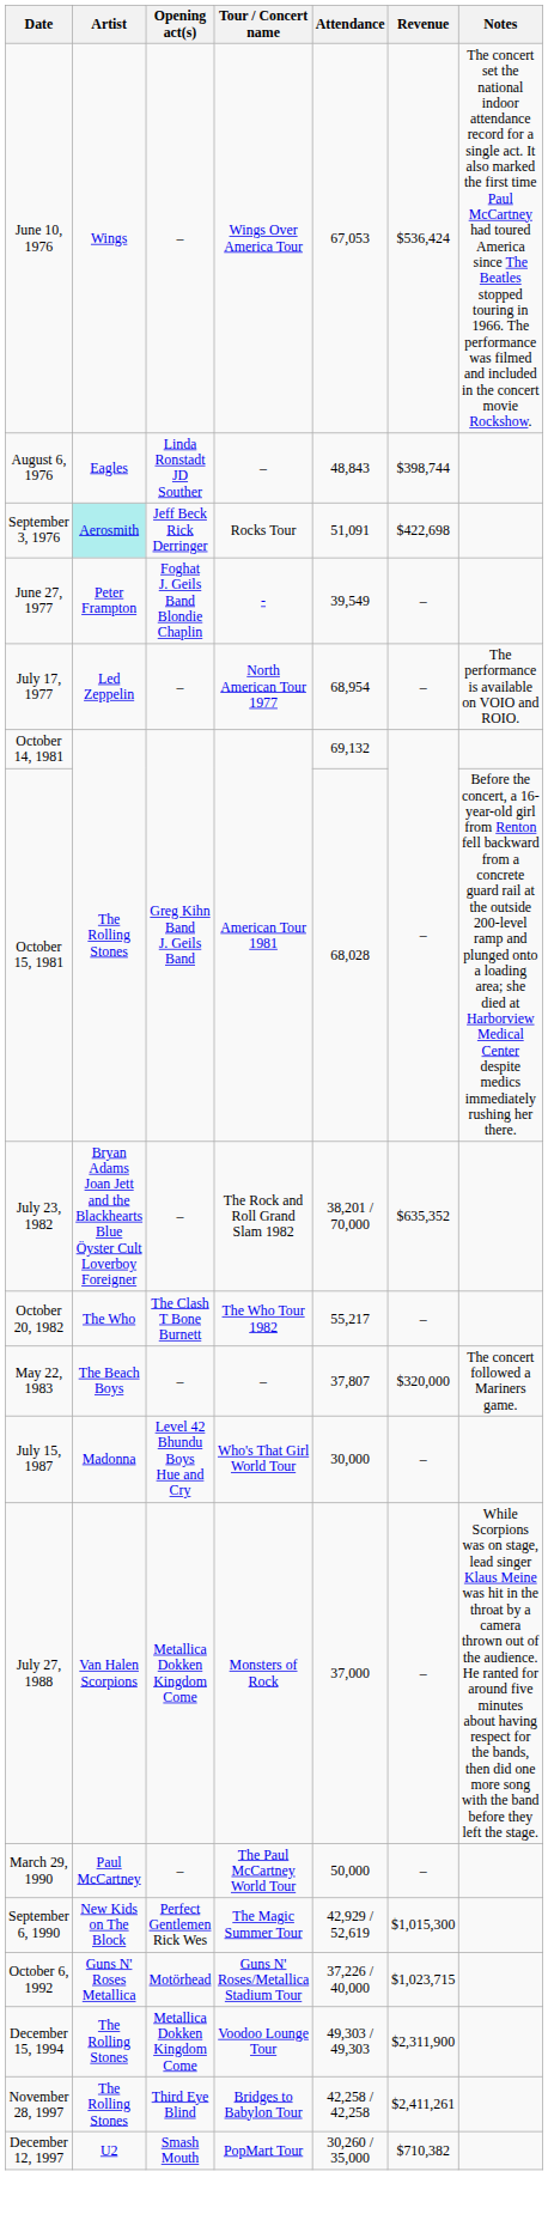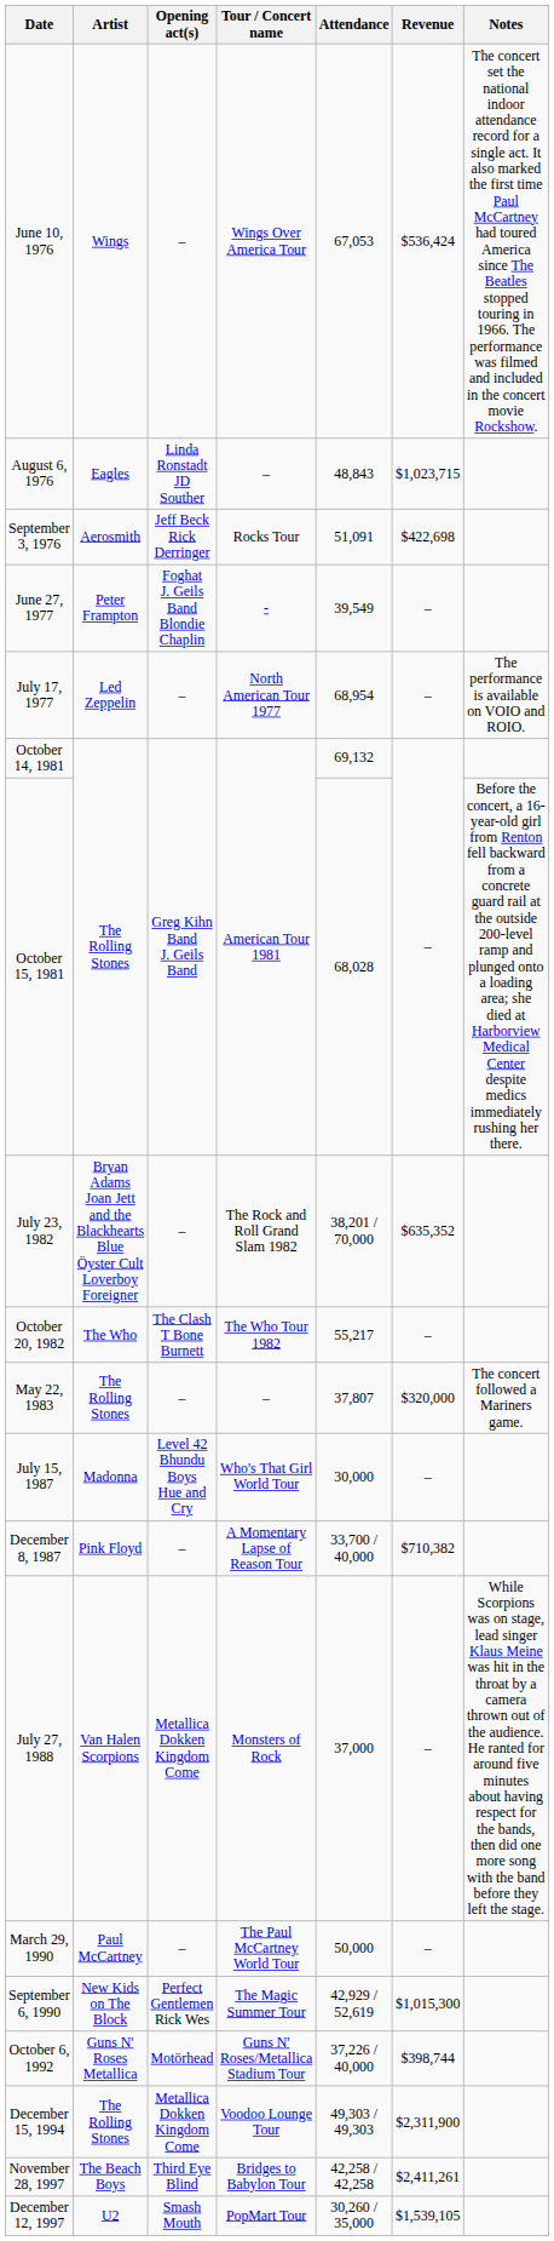 <table class="wikitable" style="text-align:center;">
 <tr>
 <th width=12% style="text-align:center;">Date</th>
 <th width=10% style="text-align:center;">Artist</th>
 <th width=10% style="text-align:center;">Opening act(s)</th>
 <th width=16% style="text-align:center;">Tour / Concert name</th>
 <th width=10% style="text-align:center;">Attendance</th>
 <th width=10% style="text-align:center;">Revenue</th>
 <th width=20% style="text-align:center;">Notes</th>
 </tr>
 <tr>
 <td>June 10, 1976</td>
 <td><a href='#'>Wings</a></td>
 <td>–</td>
 <td><a href='#'>Wings Over America Tour</a></td>
 <td>67,053</td>
 <td>$536,424</td>
 <td>The concert set the national indoor attendance record for a single act. It also marked the first time <a href='#'>Paul McCartney</a> had toured America since <a href='#'>The Beatles</a> stopped touring in 1966. The performance was filmed and included in the concert movie <a href='#'>Rockshow</a>.</td>
 </tr>
 <tr>
 <td>August 6, 1976</td>
 <td><a href='#'>Eagles</a></td>
 <td><a href='#'>Linda Ronstadt</a><br><a href='#'>JD Souther</a></td>
 <td>–</td>
 <td>48,843</td>
-<td>$398,744</td>
+<td>$1,023,715</td>
 <td></td>
 </tr>
 <tr>
 <td>September 3, 1976</td>
-<td style="background: paleturquoise;"><a href='#'>Aerosmith</a></td>
+<td><a href='#'>Aerosmith</a></td>
 <td><a href='#'>Jeff Beck</a><br><a href='#'>Rick Derringer</a></td>
 <td>Rocks Tour</td>
 <td>51,091</td>
 <td>$422,698</td>
 <td></td>
 </tr>
 <tr>
 <td>June 27, 1977</td>
 <td><a href='#'>Peter Frampton</a></td>
 <td><a href='#'>Foghat</a><br><a href='#'>J. Geils Band</a> <br><a href='#'>Blondie Chaplin</a></td>
 <td><a href='#'>-</a></td>
 <td>39,549</td>
 <td>–</td>
 <td></td>
 </tr>
 <tr>
 <td>July 17, 1977</td>
 <td><a href='#'>Led Zeppelin</a></td>
 <td>–</td>
 <td><a href='#'>North American Tour 1977</a></td>
 <td>68,954</td>
 <td>–</td>
 <td>The performance is available on VOIO and ROIO.</td>
 </tr>
 <tr>
 <td>October 14, 1981</td>
 <td rowspan=2><a href='#'>The Rolling Stones</a></td>
 <td rowspan=2><a href='#'>Greg Kihn Band</a><br><a href='#'>J. Geils Band</a></td>
 <td rowspan=2><a href='#'>American Tour 1981</a></td>
 <td>69,132</td>
 <td rowspan=2>–</td>
 <td></td>
 </tr>
 <tr>
 <td>October 15, 1981</td>
 <td>68,028</td>
 <td>Before the concert, a 16-year-old girl from <a href='#'>Renton</a> fell backward from a concrete guard rail at the outside 200-level ramp and plunged  onto a loading area; she died at <a href='#'>Harborview Medical Center</a> despite medics immediately rushing her there.</td>
 </tr>
 <tr>
 <td>July 23, 1982</td>
 <td><a href='#'>Bryan Adams</a><br><a href='#'>Joan Jett and the Blackhearts</a><br><a href='#'>Blue Öyster Cult</a><br><a href='#'>Loverboy</a><br><a href='#'>Foreigner</a></td>
 <td>–</td>
 <td>The Rock and Roll Grand Slam 1982</td>
 <td>38,201 / 70,000</td>
 <td>$635,352</td>
 <td></td>
 </tr>
 <tr>
 <td>October 20, 1982</td>
 <td><a href='#'>The Who</a></td>
 <td><a href='#'>The Clash</a><br><a href='#'>T Bone Burnett</a></td>
 <td><a href='#'>The Who Tour 1982</a></td>
 <td>55,217</td>
 <td>–</td>
 <td></td>
 </tr>
 <tr>
 <td>May 22, 1983</td>
-<td><a href='#'>The Beach Boys</a></td>
+<td><a href='#'>The Rolling Stones</a></td>
 <td>–</td>
 <td>–</td>
 <td>37,807</td>
 <td>$320,000</td>
 <td>The concert followed a Mariners game.</td>
 </tr>
 <tr>
 <td>July 15, 1987</td>
 <td><a href='#'>Madonna</a></td>
 <td><a href='#'>Level 42</a><br><a href='#'>Bhundu Boys</a><br><a href='#'>Hue and Cry</a></td>
 <td><a href='#'>Who's That Girl World Tour</a></td>
 <td>30,000</td>
 <td>–</td>
+<td></td>
+</tr>
+<tr>
+<td>December 8, 1987</td>
+<td><a href='#'>Pink Floyd</a></td>
+<td>–</td>
+<td><a href='#'>A Momentary Lapse of Reason Tour</a></td>
+<td>33,700 / 40,000</td>
+<td>$710,382</td>
 <td></td>
 </tr>
 <tr>
 <td>July 27, 1988</td>
 <td><a href='#'>Van Halen</a><br><a href='#'>Scorpions</a></td>
 <td><a href='#'>Metallica</a><br><a href='#'>Dokken</a><br><a href='#'>Kingdom Come</a></td>
 <td><a href='#'>Monsters of Rock</a></td>
 <td>37,000</td>
 <td>–</td>
 <td>While Scorpions was on stage, lead singer <a href='#'>Klaus Meine</a> was hit in the throat by a camera thrown out of the audience. He ranted for around five minutes about having respect for the bands, then did one more song with the band before they left the stage.</td>
 </tr>
 <tr>
 <td>March 29, 1990</td>
 <td><a href='#'>Paul McCartney</a></td>
 <td>–</td>
 <td><a href='#'>The Paul McCartney World Tour</a></td>
 <td>50,000</td>
 <td>–</td>
 <td></td>
 </tr>
 <tr>
 <td>September 6, 1990</td>
 <td><a href='#'>New Kids on The Block</a></td>
 <td><a href='#'>Perfect Gentlemen</a><br>Rick Wes</td>
 <td><a href='#'>The Magic Summer Tour</a></td>
 <td>42,929 / 52,619</td>
 <td>$1,015,300</td>
 <td></td>
 </tr>
 <tr>
 <td>October 6, 1992</td>
 <td><a href='#'>Guns N' Roses</a><br><a href='#'>Metallica</a></td>
 <td><a href='#'>Motörhead</a></td>
 <td><a href='#'>Guns N' Roses/Metallica Stadium Tour</a></td>
 <td>37,226 / 40,000</td>
-<td>$1,023,715</td>
+<td>$398,744</td>
 <td></td>
 </tr>
 <tr>
 <td>December 15, 1994</td>
 <td><a href='#'>The Rolling Stones</a></td>
 <td><a href='#'>Metallica</a><br><a href='#'>Dokken</a><br><a href='#'>Kingdom Come</a></td>
 <td><a href='#'>Voodoo Lounge Tour</a></td>
 <td>49,303 / 49,303</td>
 <td>$2,311,900</td>
 <td></td>
 </tr>
 <tr>
 <td>November 28, 1997</td>
-<td><a href='#'>The Rolling Stones</a></td>
+<td><a href='#'>The Beach Boys</a></td>
 <td><a href='#'>Third Eye Blind</a></td>
 <td><a href='#'>Bridges to Babylon Tour</a></td>
 <td>42,258 / 42,258</td>
 <td>$2,411,261</td>
 <td></td>
 </tr>
 <tr>
 <td>December 12, 1997</td>
 <td><a href='#'>U2</a></td>
 <td><a href='#'>Smash Mouth</a></td>
 <td><a href='#'>PopMart Tour</a></td>
 <td>30,260 / 35,000</td>
-<td>$710,382</td>
+<td>$1,539,105</td>
 <td></td>
 </tr>
 </table>
